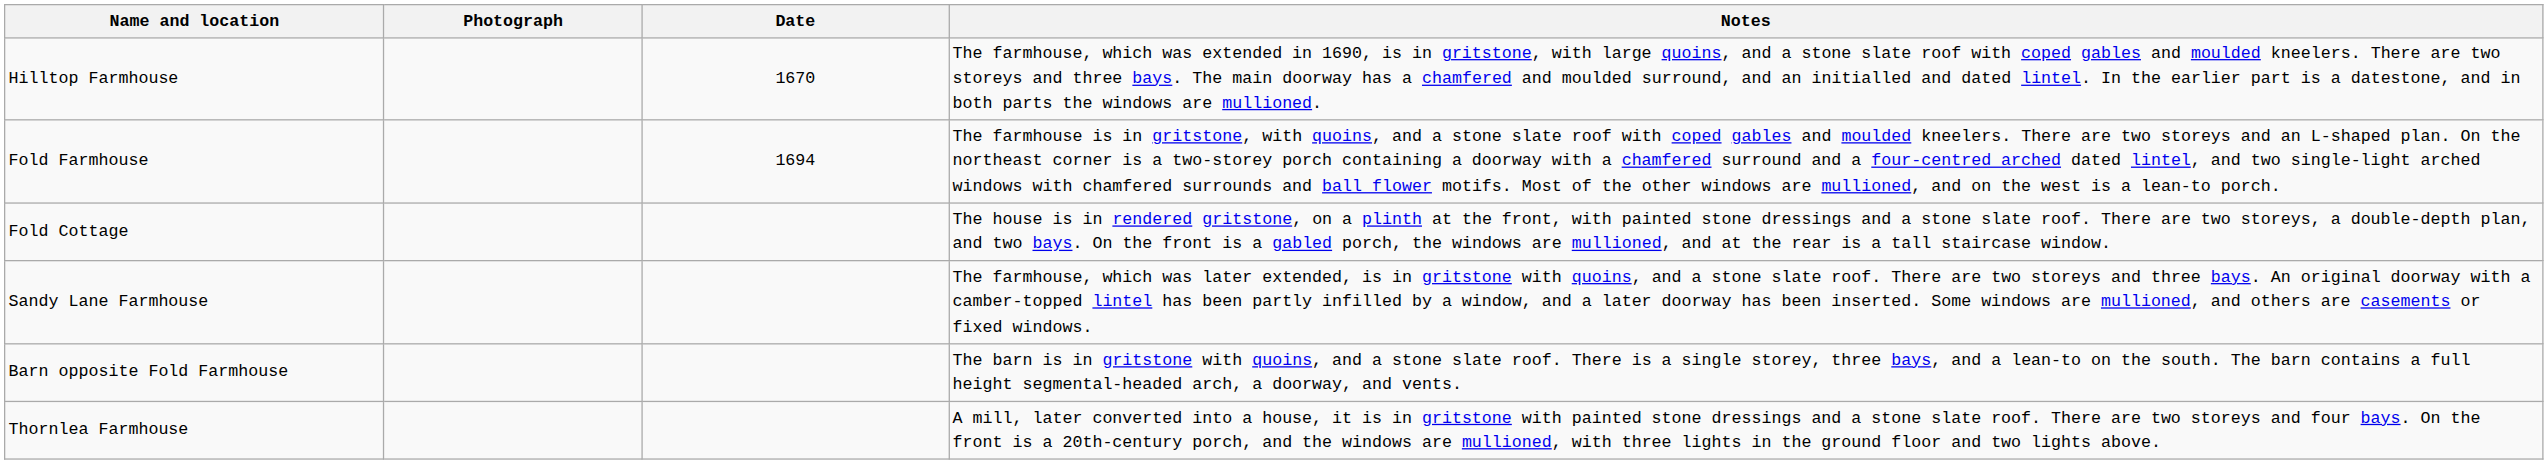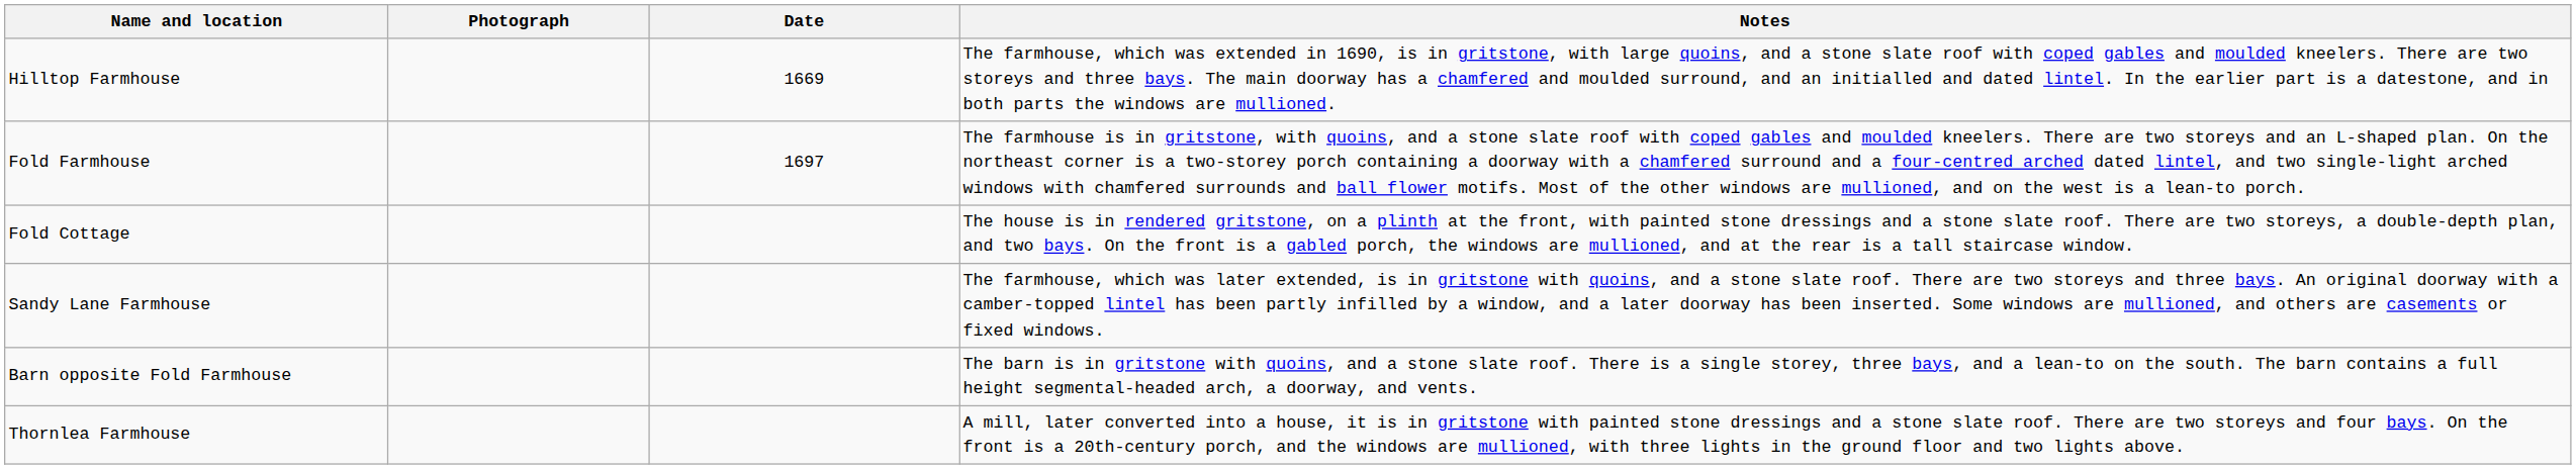 <table class="wikitable sortable plainrowheaders" style="width:100%;border:0px;text-align:left;line-height:150%;">
 <tr>
 <th scope="col"  style="width:150px">Name and location</th>
 <th scope="col"  style="width:100px" class="unsortable">Photograph</th>
 <th scope="col"  style="width:120px">Date</th>
 <th scope="col"  style="width:650px" class="unsortable">Notes</th>
 </tr>
 <tr>
 <td>Hilltop Farmhouse<br><small></small></td>
 <td></td>
-<td align="center">1670</td>
+<td align="center">1669</td>
 <td>The farmhouse, which was extended in 1690, is in <a href='#'>gritstone</a>, with large <a href='#'>quoins</a>, and a stone slate roof with <a href='#'>coped</a> <a href='#'>gables</a> and <a href='#'>moulded</a> kneelers.  There are two storeys and three <a href='#'>bays</a>.  The main doorway has a <a href='#'>chamfered</a> and moulded surround, and an initialled and dated <a href='#'>lintel</a>.  In the earlier part is a datestone, and in both parts the windows are <a href='#'>mullioned</a>.</td>
 </tr>
 <tr>
 <td>Fold Farmhouse<br><small></small></td>
 <td></td>
-<td align="center">1694</td>
+<td align="center">1697</td>
 <td>The farmhouse is in <a href='#'>gritstone</a>, with <a href='#'>quoins</a>, and a stone slate roof with <a href='#'>coped</a> <a href='#'>gables</a> and <a href='#'>moulded</a> kneelers.  There are two storeys and an L-shaped plan.  On the northeast corner is a two-storey porch containing a doorway with a <a href='#'>chamfered</a> surround and a <a href='#'>four-centred arched</a> dated <a href='#'>lintel</a>, and two single-light arched windows with chamfered surrounds and <a href='#'>ball flower</a> motifs.  Most of the other windows are <a href='#'>mullioned</a>, and on the west is a lean-to porch.</td>
 </tr>
 <tr>
 <td>Fold Cottage<br><small></small></td>
 <td></td>
 <td align="center"></td>
 <td>The house is in <a href='#'>rendered</a> <a href='#'>gritstone</a>, on a <a href='#'>plinth</a> at the front, with painted stone dressings and a stone slate roof.  There are two storeys, a double-depth plan, and two <a href='#'>bays</a>.  On the front is a <a href='#'>gabled</a> porch, the windows are <a href='#'>mullioned</a>, and at the rear is a tall staircase window.</td>
 </tr>
 <tr>
 <td>Sandy Lane Farmhouse<br><small></small></td>
 <td></td>
 <td align="center"></td>
 <td>The farmhouse, which was later extended, is in <a href='#'>gritstone</a> with <a href='#'>quoins</a>, and a stone slate roof.  There are two storeys and three <a href='#'>bays</a>.  An original doorway with a camber-topped <a href='#'>lintel</a> has been partly infilled by a window, and a later doorway has been inserted.  Some windows are <a href='#'>mullioned</a>, and others are <a href='#'>casements</a> or fixed windows.</td>
 </tr>
 <tr>
 <td>Barn opposite Fold Farmhouse<br><small></small></td>
 <td></td>
 <td align="center"></td>
 <td>The barn is in <a href='#'>gritstone</a> with <a href='#'>quoins</a>, and a stone slate roof.  There is a single storey, three <a href='#'>bays</a>, and a lean-to on the south.  The barn contains a full height segmental-headed arch, a doorway, and vents.</td>
 </tr>
 <tr>
 <td>Thornlea Farmhouse<br><small></small></td>
 <td></td>
 <td align="center"></td>
 <td>A mill, later converted into a house, it is in <a href='#'>gritstone</a> with painted stone dressings and a stone slate roof.  There are two storeys and four <a href='#'>bays</a>.  On the front is a 20th-century porch, and the windows are <a href='#'>mullioned</a>, with three lights in the ground floor and two lights above.</td>
 </tr>
 <tr>
 </tr>
 </table>
